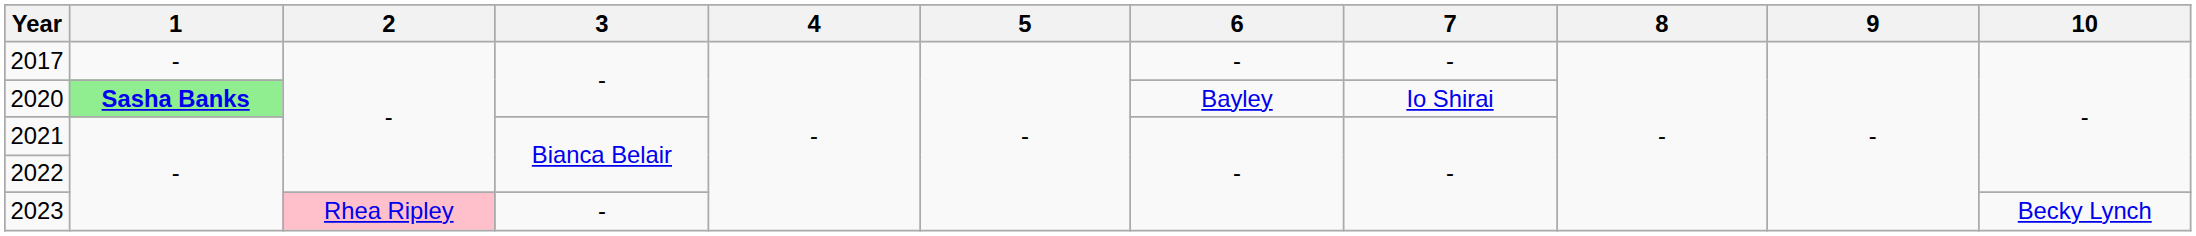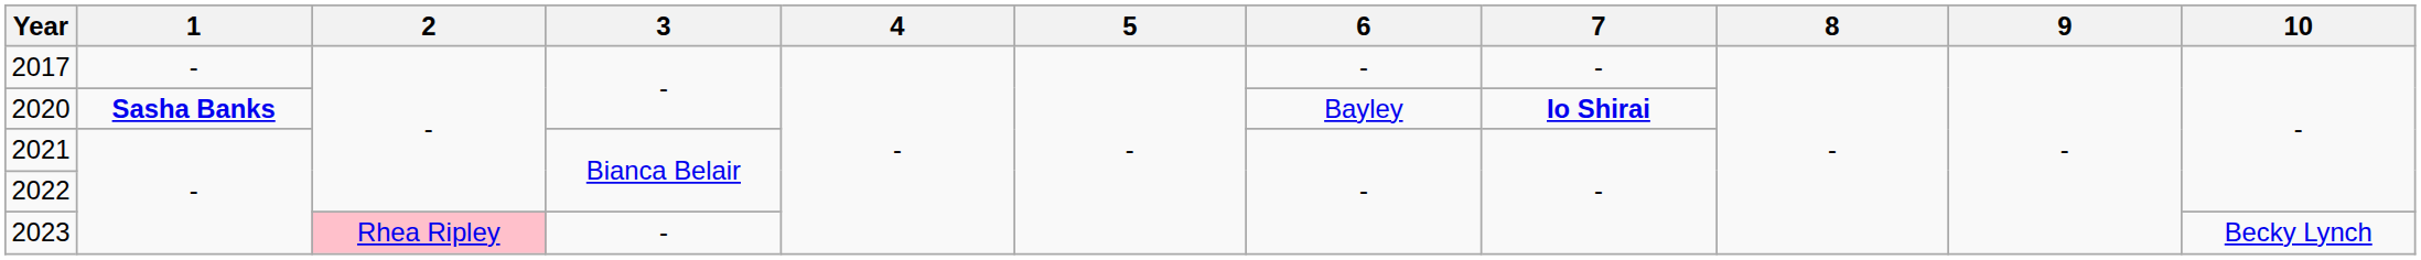 <table class="wikitable" style="font-size:85%; text-align: center">
 <tr>
 <th>Year</th>
 <th width="10%">1</th>
 <th width="10%">2</th>
 <th width="10%">3</th>
 <th width="10%">4</th>
 <th width="10%">5</th>
 <th width="10%">6</th>
 <th width="10%">7</th>
 <th width="10%">8</th>
 <th width="10%">9</th>
 <th width="10%">10</th>
 </tr>
 <tr>
 <td>2017</td>
 <td>-</td>
 <td rowspan=4>-</td>
 <td rowspan=2>-</td>
 <td rowspan=5>-</td>
 <td rowspan=5>-</td>
 <td>-</td>
 <td>-</td>
 <td rowspan=5>-</td>
 <td rowspan=5>-</td>
 <td rowspan=4>-</td>
 </tr>
 <tr>
 <td>2020</td>
-<td style="background: lightgreen;"><strong><a href='#'>Sasha Banks</a></strong></td>
+<td><strong><a href='#'>Sasha Banks</a></strong></td>
 <td><a href='#'>Bayley</a></td>
-<td><a href='#'>Io Shirai</a></td>
+<td><strong><a href='#'>Io Shirai</a></strong></td>
 </tr>
 <tr>
 <td>2021</td>
 <td rowspan=3>-</td>
 <td rowspan=2><a href='#'>Bianca Belair</a></td>
 <td rowspan=3>-</td>
 <td rowspan=3>-</td>
 </tr>
 <tr>
 <td>2022</td>
 </tr>
 <tr>
 <td>2023</td>
 <td style="background: pink;"><a href='#'>Rhea Ripley</a></td>
 <td>-</td>
 <td><a href='#'>Becky Lynch</a></td>
 </tr>
 </table>
